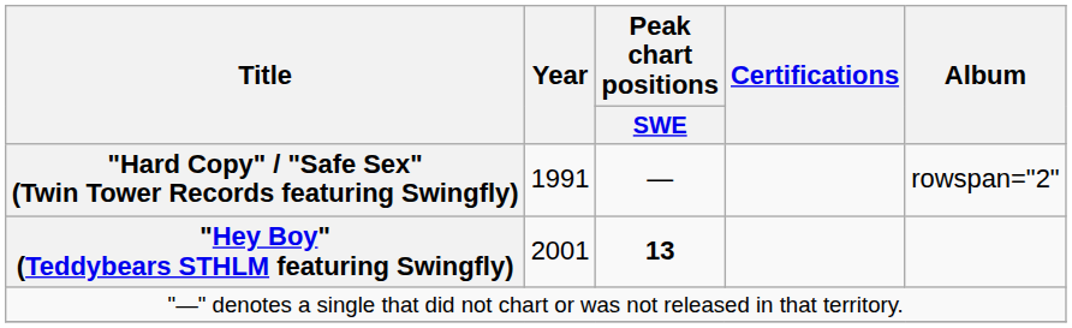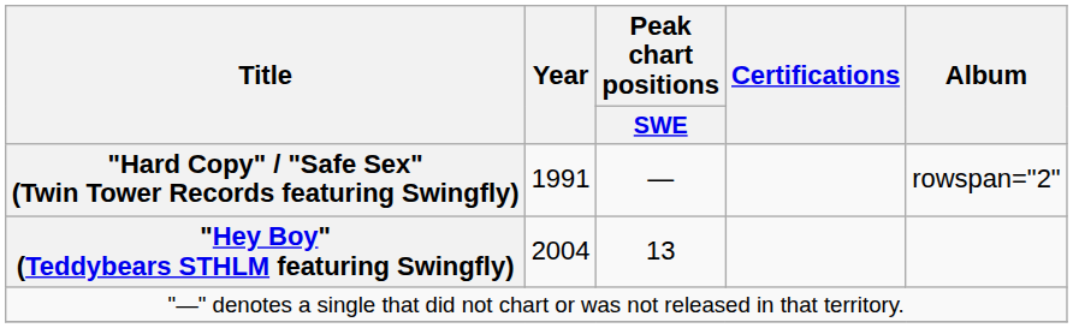 <table class="wikitable plainrowheaders" style="text-align:center;">
 <tr>
 <th scope="col" rowspan="2">Title</th>
 <th scope="col" rowspan="2">Year</th>
 <th scope="col" colspan="1">Peak chart positions</th>
 <th scope="col" rowspan="2"><a href='#'>Certifications</a></th>
 <th scope="col" rowspan="2">Album</th>
 </tr>
 <tr>
 <th scope="col" style="width:3em;font-size:90%;"><a href='#'>SWE</a><br></th>
 </tr>
 <tr>
 <th scope="row">"Hard Copy" / "Safe Sex"<br><span>(Twin Tower Records featuring Swingfly)</span></th>
 <td rowspan="1">1991</td>
 <td>—</td>
 <td></td>
 <td>rowspan="2" </td>
 </tr>
 <tr>
 <th scope="row">"<a href='#'>Hey Boy</a>"<br><span>(<a href='#'>Teddybears STHLM</a> featuring Swingfly)</span></th>
-<td rowspan="1">2001</td>
-<td><strong>13</strong></td>
+<td rowspan="1">2004</td>
+<td>13</td>
 <td></td>
 </tr>
 <tr>
 <td colspan="10" style="font-size:85%">"—" denotes a single that did not chart or was not released in that territory.</td>
 </tr>
 <tr>
 </tr>
 </table>
